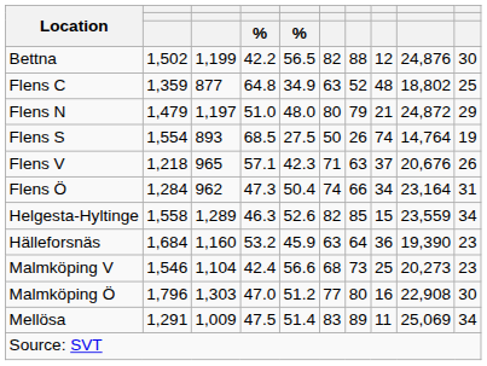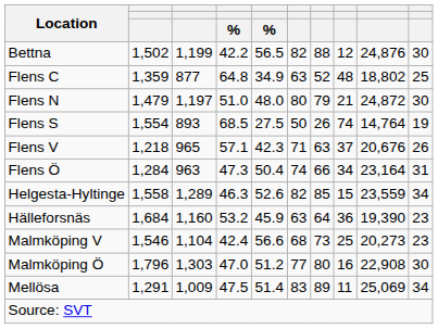 <table role="presentation" class="wikitable sortable mw-collapsible">
 <tr>
 <th rowspan="3">Location</th>
 <th></th>
 <th></th>
 <th></th>
 <th></th>
 <th></th>
 <th></th>
 <th></th>
 <th></th>
 <th></th>
 </tr>
 <tr>
 <th></th>
 <th></th>
 <th style="background:"></th>
 <th style="background:"></th>
 <th></th>
 <th></th>
 <th></th>
 <th></th>
 <th></th>
 </tr>
 <tr>
 <th data-sort-type="number"></th>
 <th data-sort-type="number"></th>
 <th data-sort-type="number">%</th>
 <th data-sort-type="number">%</th>
 <th data-sort-type="number"></th>
 <th data-sort-type="number"></th>
 <th data-sort-type="number"></th>
 <th data-sort-type="number"></th>
 <th data-sort-type="number"></th>
 </tr>
 <tr>
 <td align="left">Bettna</td>
 <td>1,502</td>
 <td>1,199</td>
 <td>42.2</td>
 <td>56.5</td>
 <td>82</td>
 <td>88</td>
 <td>12</td>
 <td>24,876</td>
 <td>30</td>
 </tr>
 <tr>
 <td align="left">Flens C</td>
 <td>1,359</td>
 <td>877</td>
 <td>64.8</td>
 <td>34.9</td>
 <td>63</td>
 <td>52</td>
 <td>48</td>
 <td>18,802</td>
 <td>25</td>
 </tr>
 <tr>
 <td align="left">Flens N</td>
 <td>1,479</td>
 <td>1,197</td>
 <td>51.0</td>
 <td>48.0</td>
 <td>80</td>
 <td>79</td>
 <td>21</td>
 <td>24,872</td>
-<td>29</td>
+<td>30</td>
 </tr>
 <tr>
 <td align="left">Flens S</td>
 <td>1,554</td>
 <td>893</td>
 <td>68.5</td>
 <td>27.5</td>
 <td>50</td>
 <td>26</td>
 <td>74</td>
 <td>14,764</td>
 <td>19</td>
 </tr>
 <tr>
 <td align="left">Flens V</td>
 <td>1,218</td>
 <td>965</td>
 <td>57.1</td>
 <td>42.3</td>
 <td>71</td>
 <td>63</td>
 <td>37</td>
 <td>20,676</td>
 <td>26</td>
 </tr>
 <tr>
 <td align="left">Flens Ö</td>
 <td>1,284</td>
-<td>962</td>
+<td>963</td>
 <td>47.3</td>
 <td>50.4</td>
 <td>74</td>
 <td>66</td>
 <td>34</td>
 <td>23,164</td>
 <td>31</td>
 </tr>
 <tr>
 <td align="left">Helgesta-Hyltinge</td>
 <td>1,558</td>
 <td>1,289</td>
 <td>46.3</td>
 <td>52.6</td>
 <td>82</td>
 <td>85</td>
 <td>15</td>
 <td>23,559</td>
 <td>34</td>
 </tr>
 <tr>
 <td align="left">Hälleforsnäs</td>
 <td>1,684</td>
 <td>1,160</td>
 <td>53.2</td>
 <td>45.9</td>
 <td>63</td>
 <td>64</td>
 <td>36</td>
 <td>19,390</td>
 <td>23</td>
 </tr>
 <tr>
 <td align="left">Malmköping V</td>
 <td>1,546</td>
 <td>1,104</td>
 <td>42.4</td>
 <td>56.6</td>
 <td>68</td>
 <td>73</td>
 <td>25</td>
 <td>20,273</td>
 <td>23</td>
 </tr>
 <tr>
 <td align="left">Malmköping Ö</td>
 <td>1,796</td>
 <td>1,303</td>
 <td>47.0</td>
 <td>51.2</td>
 <td>77</td>
 <td>80</td>
 <td>16</td>
 <td>22,908</td>
 <td>30</td>
 </tr>
 <tr>
 <td align="left">Mellösa</td>
 <td>1,291</td>
 <td>1,009</td>
 <td>47.5</td>
 <td>51.4</td>
 <td>83</td>
 <td>89</td>
 <td>11</td>
 <td>25,069</td>
 <td>34</td>
 </tr>
 <tr>
 <td colspan="10" align="left">Source: <a href='#'>SVT</a></td>
 </tr>
 </table>
